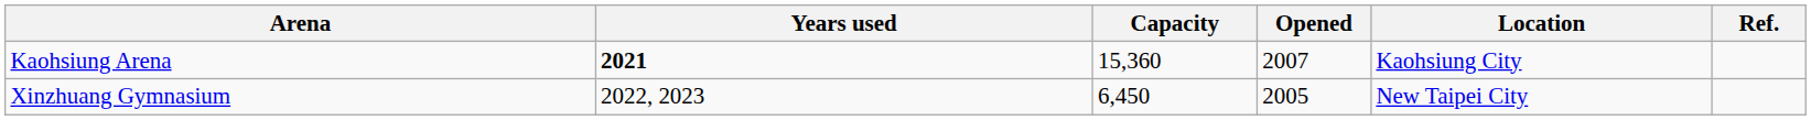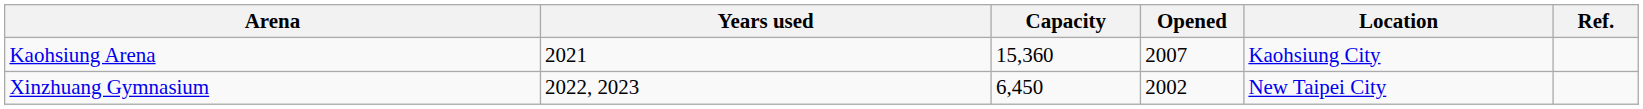 <table class="wikitable plainrowheaders” style="font-size: 85%; text-align: center; width: 100%;">
 <tr>
 <th style="width:19%">Arena</th>
 <th style="width:16%">Years used</th>
 <th style="width:5%">Capacity</th>
 <th style="width:2%">Opened</th>
 <th style="width:11%">Location</th>
 <th style="width:3%">Ref.</th>
 </tr>
 <tr>
 <td><a href='#'>Kaohsiung Arena</a></td>
-<td><strong>2021</strong></td>
+<td>2021</td>
 <td>15,360</td>
 <td>2007</td>
 <td><a href='#'>Kaohsiung City</a></td>
 <td align="center"></td>
 </tr>
 <tr>
 <td><a href='#'>Xinzhuang Gymnasium</a></td>
 <td>2022, 2023</td>
 <td>6,450</td>
-<td>2005</td>
+<td>2002</td>
 <td><a href='#'>New Taipei City</a></td>
 <td align="center"></td>
 </tr>
 </table>
